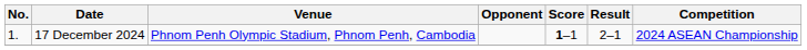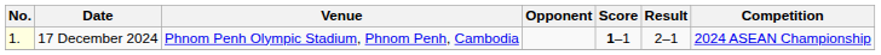 <table class="wikitable">
 <tr>
 <th>No.</th>
 <th>Date</th>
 <th>Venue</th>
 <th>Opponent</th>
 <th>Score</th>
 <th>Result</th>
 <th>Competition</th>
 </tr>
 <tr>
-<td>1.</td>
+<td style="background: lightyellow;">1.</td>
 <td>17 December 2024</td>
 <td><a href='#'>Phnom Penh Olympic Stadium</a>, <a href='#'>Phnom Penh</a>, <a href='#'>Cambodia</a></td>
 <td></td>
 <td align=center><strong>1</strong>–1</td>
 <td align=center>2–1</td>
 <td><a href='#'>2024 ASEAN Championship</a></td>
 </tr>
 <tr>
 </tr>
 </table>
